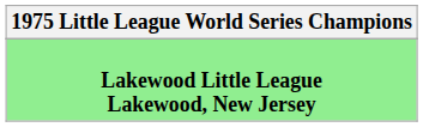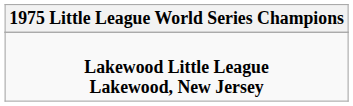 <table class="wikitable" style="text-align: center; margin: 0 auto;">
 <tr>
 <th>1975 Little League World Series Champions</th>
 </tr>
 <tr>
 </tr>
 <tr>
-<td style="background: lightgreen;"><br><strong>Lakewood Little League</strong><br><strong>Lakewood, New Jersey</strong></td>
+<td><br><strong>Lakewood Little League</strong><br><strong>Lakewood, New Jersey</strong></td>
 </tr>
 </table>
